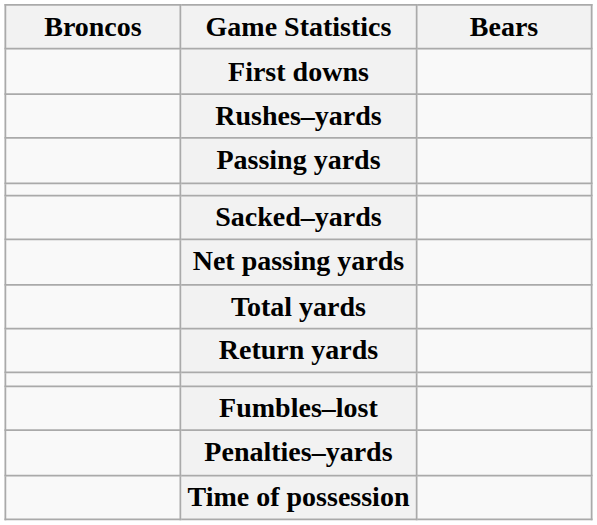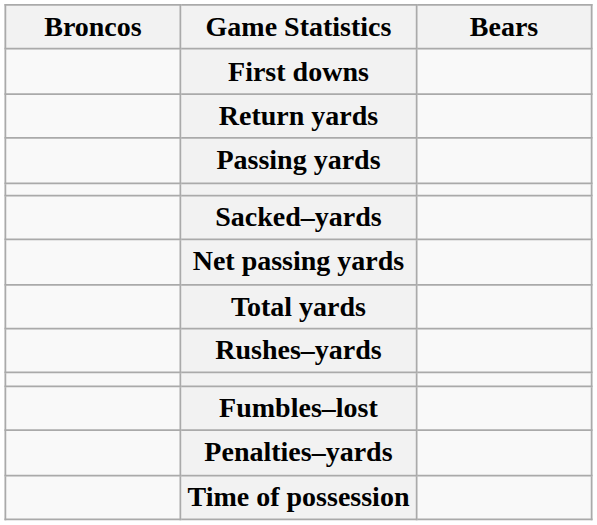 <table class="wikitable" style="margin: 1em auto 1em auto">
 <tr>
 <th style="width:30%;">Broncos</th>
 <th style="width:40%;">Game Statistics</th>
 <th style="width:30%;">Bears</th>
 </tr>
 <tr>
 <td style="text-align:right;"></td>
 <th>First downs</th>
 <td></td>
 </tr>
 <tr>
 <td style="text-align:right;"></td>
-<th>Rushes–yards</th>
+<th>Return yards</th>
 <td></td>
 </tr>
 <tr>
 <td style="text-align:right;"></td>
 <th>Passing yards</th>
 <td></td>
 </tr>
 <tr>
 <td style="text-align:right;"></td>
 <th></th>
 <td></td>
 </tr>
 <tr>
 <td style="text-align:right;"></td>
 <th>Sacked–yards</th>
 <td></td>
 </tr>
 <tr>
 <td style="text-align:right;"></td>
 <th>Net passing yards</th>
 <td></td>
 </tr>
 <tr>
 <td style="text-align:right;"></td>
 <th>Total yards</th>
 <td></td>
 </tr>
 <tr>
 <td style="text-align:right;"></td>
-<th>Return yards</th>
+<th>Rushes–yards</th>
 <td></td>
 </tr>
 <tr>
 <td style="text-align:right;"></td>
 <th></th>
 <td></td>
 </tr>
 <tr>
 <td style="text-align:right;"></td>
 <th>Fumbles–lost</th>
 <td></td>
 </tr>
 <tr>
 <td style="text-align:right;"></td>
 <th>Penalties–yards</th>
 <td></td>
 </tr>
 <tr>
 <td style="text-align:right;"></td>
 <th>Time of possession</th>
 <td></td>
 </tr>
 </table>
